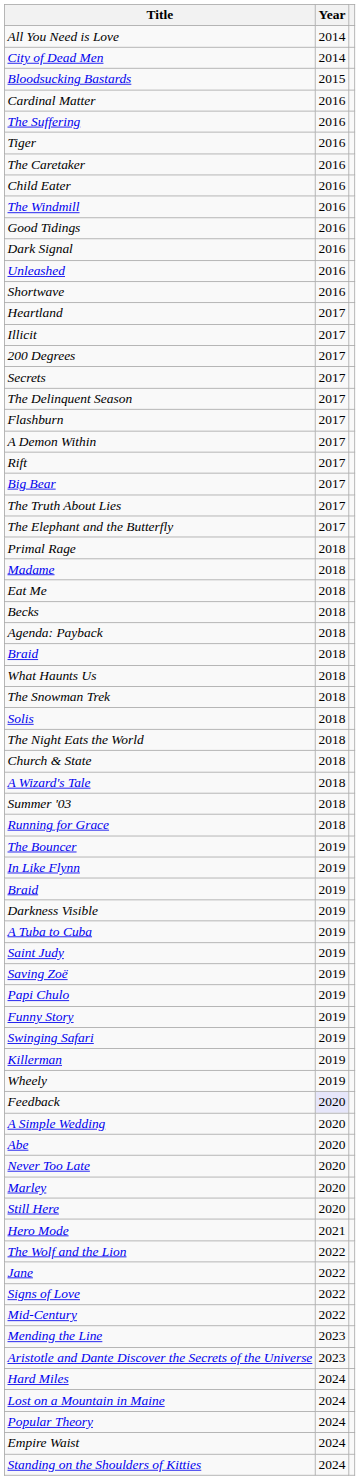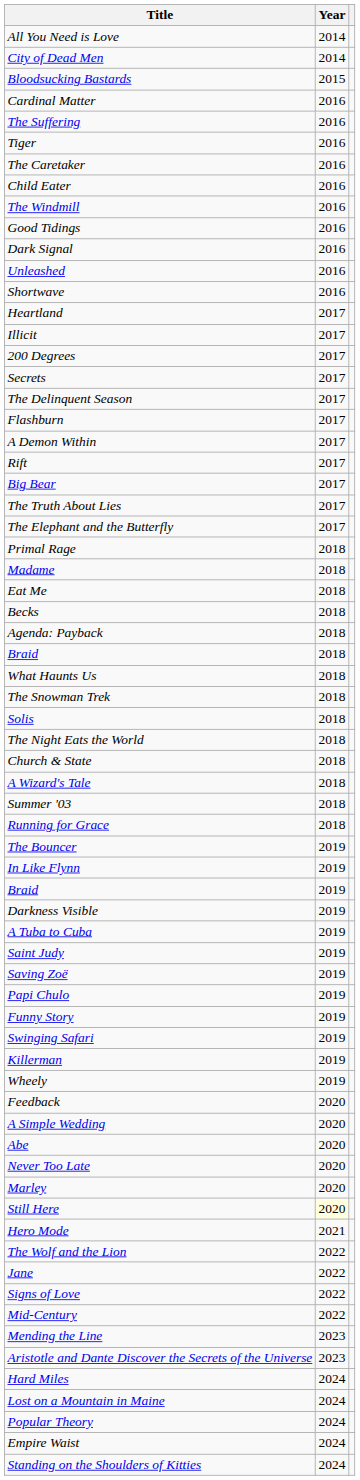 <table class="wikitable sortable">
 <tr>
 <th>Title</th>
 <th>Year</th>
 <th class=unsortable></th>
 </tr>
 <tr>
 <td><em>All You Need is Love</em></td>
 <td>2014</td>
 <td></td>
 </tr>
 <tr>
 <td><em><a href='#'>City of Dead Men</a></em></td>
 <td>2014</td>
 <td></td>
 </tr>
 <tr>
 <td><em><a href='#'>Bloodsucking Bastards</a></em></td>
 <td>2015</td>
 <td></td>
 </tr>
 <tr>
 <td><em>Cardinal Matter</em></td>
 <td>2016</td>
 <td></td>
 </tr>
 <tr>
 <td><em><a href='#'>The Suffering</a></em></td>
 <td>2016</td>
 <td></td>
 </tr>
 <tr>
 <td><em>Tiger</em></td>
 <td>2016</td>
 <td></td>
 </tr>
 <tr>
 <td><em>The Caretaker</em></td>
 <td>2016</td>
 <td></td>
 </tr>
 <tr>
 <td><em>Child Eater</em></td>
 <td>2016</td>
 <td></td>
 </tr>
 <tr>
 <td><em><a href='#'>The Windmill</a></em></td>
 <td>2016</td>
 <td></td>
 </tr>
 <tr>
 <td><em>Good Tidings</em></td>
 <td>2016</td>
 <td></td>
 </tr>
 <tr>
 <td><em>Dark Signal</em></td>
 <td>2016</td>
 <td></td>
 </tr>
 <tr>
 <td><em><a href='#'>Unleashed</a></em></td>
 <td>2016</td>
 <td></td>
 </tr>
 <tr>
 <td><em>Shortwave</em></td>
 <td>2016</td>
 <td></td>
 </tr>
 <tr>
 <td><em>Heartland</em></td>
 <td>2017</td>
 <td></td>
 </tr>
 <tr>
 <td><em>Illicit</em></td>
 <td>2017</td>
 <td></td>
 </tr>
 <tr>
 <td><em>200 Degrees</em></td>
 <td>2017</td>
 <td></td>
 </tr>
 <tr>
 <td><em>Secrets</em></td>
 <td>2017</td>
 <td></td>
 </tr>
 <tr>
 <td><em>The Delinquent Season</em></td>
 <td>2017</td>
 <td></td>
 </tr>
 <tr>
 <td><em>Flashburn</em></td>
 <td>2017</td>
 <td></td>
 </tr>
 <tr>
 <td><em>A Demon Within</em></td>
 <td>2017</td>
 <td></td>
 </tr>
 <tr>
 <td><em>Rift</em></td>
 <td>2017</td>
 <td></td>
 </tr>
 <tr>
 <td><em><a href='#'>Big Bear</a></em></td>
 <td>2017</td>
 <td></td>
 </tr>
 <tr>
 <td><em>The Truth About Lies</em></td>
 <td>2017</td>
 <td></td>
 </tr>
 <tr>
 <td><em>The Elephant and the Butterfly</em></td>
 <td>2017</td>
 <td></td>
 </tr>
 <tr>
 <td><em>Primal Rage</em></td>
 <td>2018</td>
 <td></td>
 </tr>
 <tr>
 <td><em><a href='#'>Madame</a></em></td>
 <td>2018</td>
 <td></td>
 </tr>
 <tr>
 <td><em>Eat Me</em></td>
 <td>2018</td>
 <td></td>
 </tr>
 <tr>
 <td><em>Becks</em></td>
 <td>2018</td>
 <td></td>
 </tr>
 <tr>
 <td><em>Agenda: Payback</em></td>
 <td>2018</td>
 <td></td>
 </tr>
 <tr>
 <td><em><a href='#'>Braid</a></em></td>
 <td>2018</td>
 <td></td>
 </tr>
 <tr>
 <td><em>What Haunts Us</em></td>
 <td>2018</td>
 <td></td>
 </tr>
 <tr>
 <td><em>The Snowman Trek</em></td>
 <td>2018</td>
 <td></td>
 </tr>
 <tr>
 <td><em><a href='#'>Solis</a></em></td>
 <td>2018</td>
 <td></td>
 </tr>
 <tr>
 <td><em>The Night Eats the World</em></td>
 <td>2018</td>
 <td></td>
 </tr>
 <tr>
 <td><em>Church & State</em></td>
 <td>2018</td>
 <td></td>
 </tr>
 <tr>
 <td><em><a href='#'>A Wizard's Tale</a></em></td>
 <td>2018</td>
 <td></td>
 </tr>
 <tr>
 <td><em>Summer '03</em></td>
 <td>2018</td>
 <td></td>
 </tr>
 <tr>
 <td><em><a href='#'>Running for Grace</a></em></td>
 <td>2018</td>
 <td></td>
 </tr>
 <tr>
 <td><em><a href='#'>The Bouncer</a></em></td>
 <td>2019</td>
 <td></td>
 </tr>
 <tr>
 <td><em><a href='#'>In Like Flynn</a></em></td>
 <td>2019</td>
 <td></td>
 </tr>
 <tr>
 <td><em><a href='#'>Braid</a></em></td>
 <td>2019</td>
 <td></td>
 </tr>
 <tr>
 <td><em>Darkness Visible</em></td>
 <td>2019</td>
 <td></td>
 </tr>
 <tr>
 <td><em><a href='#'>A Tuba to Cuba</a></em></td>
 <td>2019</td>
 <td></td>
 </tr>
 <tr>
 <td><em><a href='#'>Saint Judy</a></em></td>
 <td>2019</td>
 <td></td>
 </tr>
 <tr>
 <td><em><a href='#'>Saving Zoë</a></em></td>
 <td>2019</td>
 <td></td>
 </tr>
 <tr>
 <td><em><a href='#'>Papi Chulo</a></em></td>
 <td>2019</td>
 <td></td>
 </tr>
 <tr>
 <td><em><a href='#'>Funny Story</a></em></td>
 <td>2019</td>
 <td></td>
 </tr>
 <tr>
 <td><em><a href='#'>Swinging Safari</a></em></td>
 <td>2019</td>
 <td></td>
 </tr>
 <tr>
 <td><em><a href='#'>Killerman</a></em></td>
 <td>2019</td>
 <td></td>
 </tr>
 <tr>
 <td><em>Wheely</em></td>
 <td>2019</td>
 <td></td>
 </tr>
 <tr>
 <td><em>Feedback</em></td>
-<td style="background: lavender;">2020</td>
+<td>2020</td>
 <td></td>
 </tr>
 <tr>
 <td><em><a href='#'>A Simple Wedding</a></em></td>
 <td>2020</td>
 <td></td>
 </tr>
 <tr>
 <td><em><a href='#'>Abe</a></em></td>
 <td>2020</td>
 <td></td>
 </tr>
 <tr>
 <td><em><a href='#'>Never Too Late</a></em></td>
 <td>2020</td>
 <td></td>
 </tr>
 <tr>
 <td><em><a href='#'>Marley</a></em></td>
 <td>2020</td>
 <td></td>
 </tr>
 <tr>
 <td><em><a href='#'>Still Here</a></em></td>
-<td>2020</td>
+<td style="background: lightyellow;">2020</td>
 <td></td>
 </tr>
 <tr>
 <td><em><a href='#'>Hero Mode</a></em></td>
 <td>2021</td>
 <td></td>
 </tr>
 <tr>
 <td><em><a href='#'>The Wolf and the Lion</a></em></td>
 <td>2022</td>
 <td></td>
 </tr>
 <tr>
 <td><em><a href='#'>Jane</a></em></td>
 <td>2022</td>
 <td></td>
 </tr>
 <tr>
 <td><em><a href='#'>Signs of Love</a></em></td>
 <td>2022</td>
 <td></td>
 </tr>
 <tr>
 <td><em><a href='#'>Mid-Century</a></em></td>
 <td>2022</td>
 <td></td>
 </tr>
 <tr>
 <td><em><a href='#'>Mending the Line</a></em></td>
 <td>2023</td>
 <td></td>
 </tr>
 <tr>
 <td><a href='#'><em>Aristotle and Dante Discover the Secrets of the Universe</em></a></td>
 <td>2023</td>
 <td></td>
 </tr>
 <tr>
 <td><em><a href='#'>Hard Miles</a></em></td>
 <td>2024</td>
 <td></td>
 </tr>
 <tr>
 <td><em><a href='#'>Lost on a Mountain in Maine</a></em></td>
 <td>2024</td>
 <td></td>
 </tr>
 <tr>
 <td><em><a href='#'>Popular Theory</a></em></td>
 <td>2024</td>
 <td></td>
 </tr>
 <tr>
 <td><em>Empire Waist</em></td>
 <td>2024</td>
 <td></td>
 </tr>
 <tr>
 <td><em><a href='#'>Standing on the Shoulders of Kitties</a></em></td>
 <td>2024</td>
 <td></td>
 </tr>
 </table>
